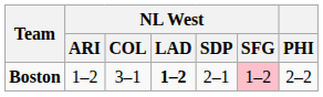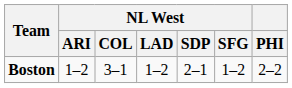 <table class="wikitable" style="text-align:center; font-size: 95%;">
 <tr>
 <th rowspan=2>Team</th>
 <th colspan=5>NL West</th>
 <th> </th>
 </tr>
 <tr>
 <th>ARI</th>
 <th>COL</th>
 <th>LAD</th>
 <th>SDP</th>
 <th>SFG</th>
 <th>PHI</th>
 </tr>
 <tr>
 <td><strong>Boston</strong></td>
 <td>1–2</td>
 <td>3–1</td>
-<td><strong>1–2</strong></td>
+<td>1–2</td>
 <td>2–1</td>
-<td style="background: pink;">1–2</td>
+<td>1–2</td>
 <td>2–2</td>
 </tr>
 </table>
